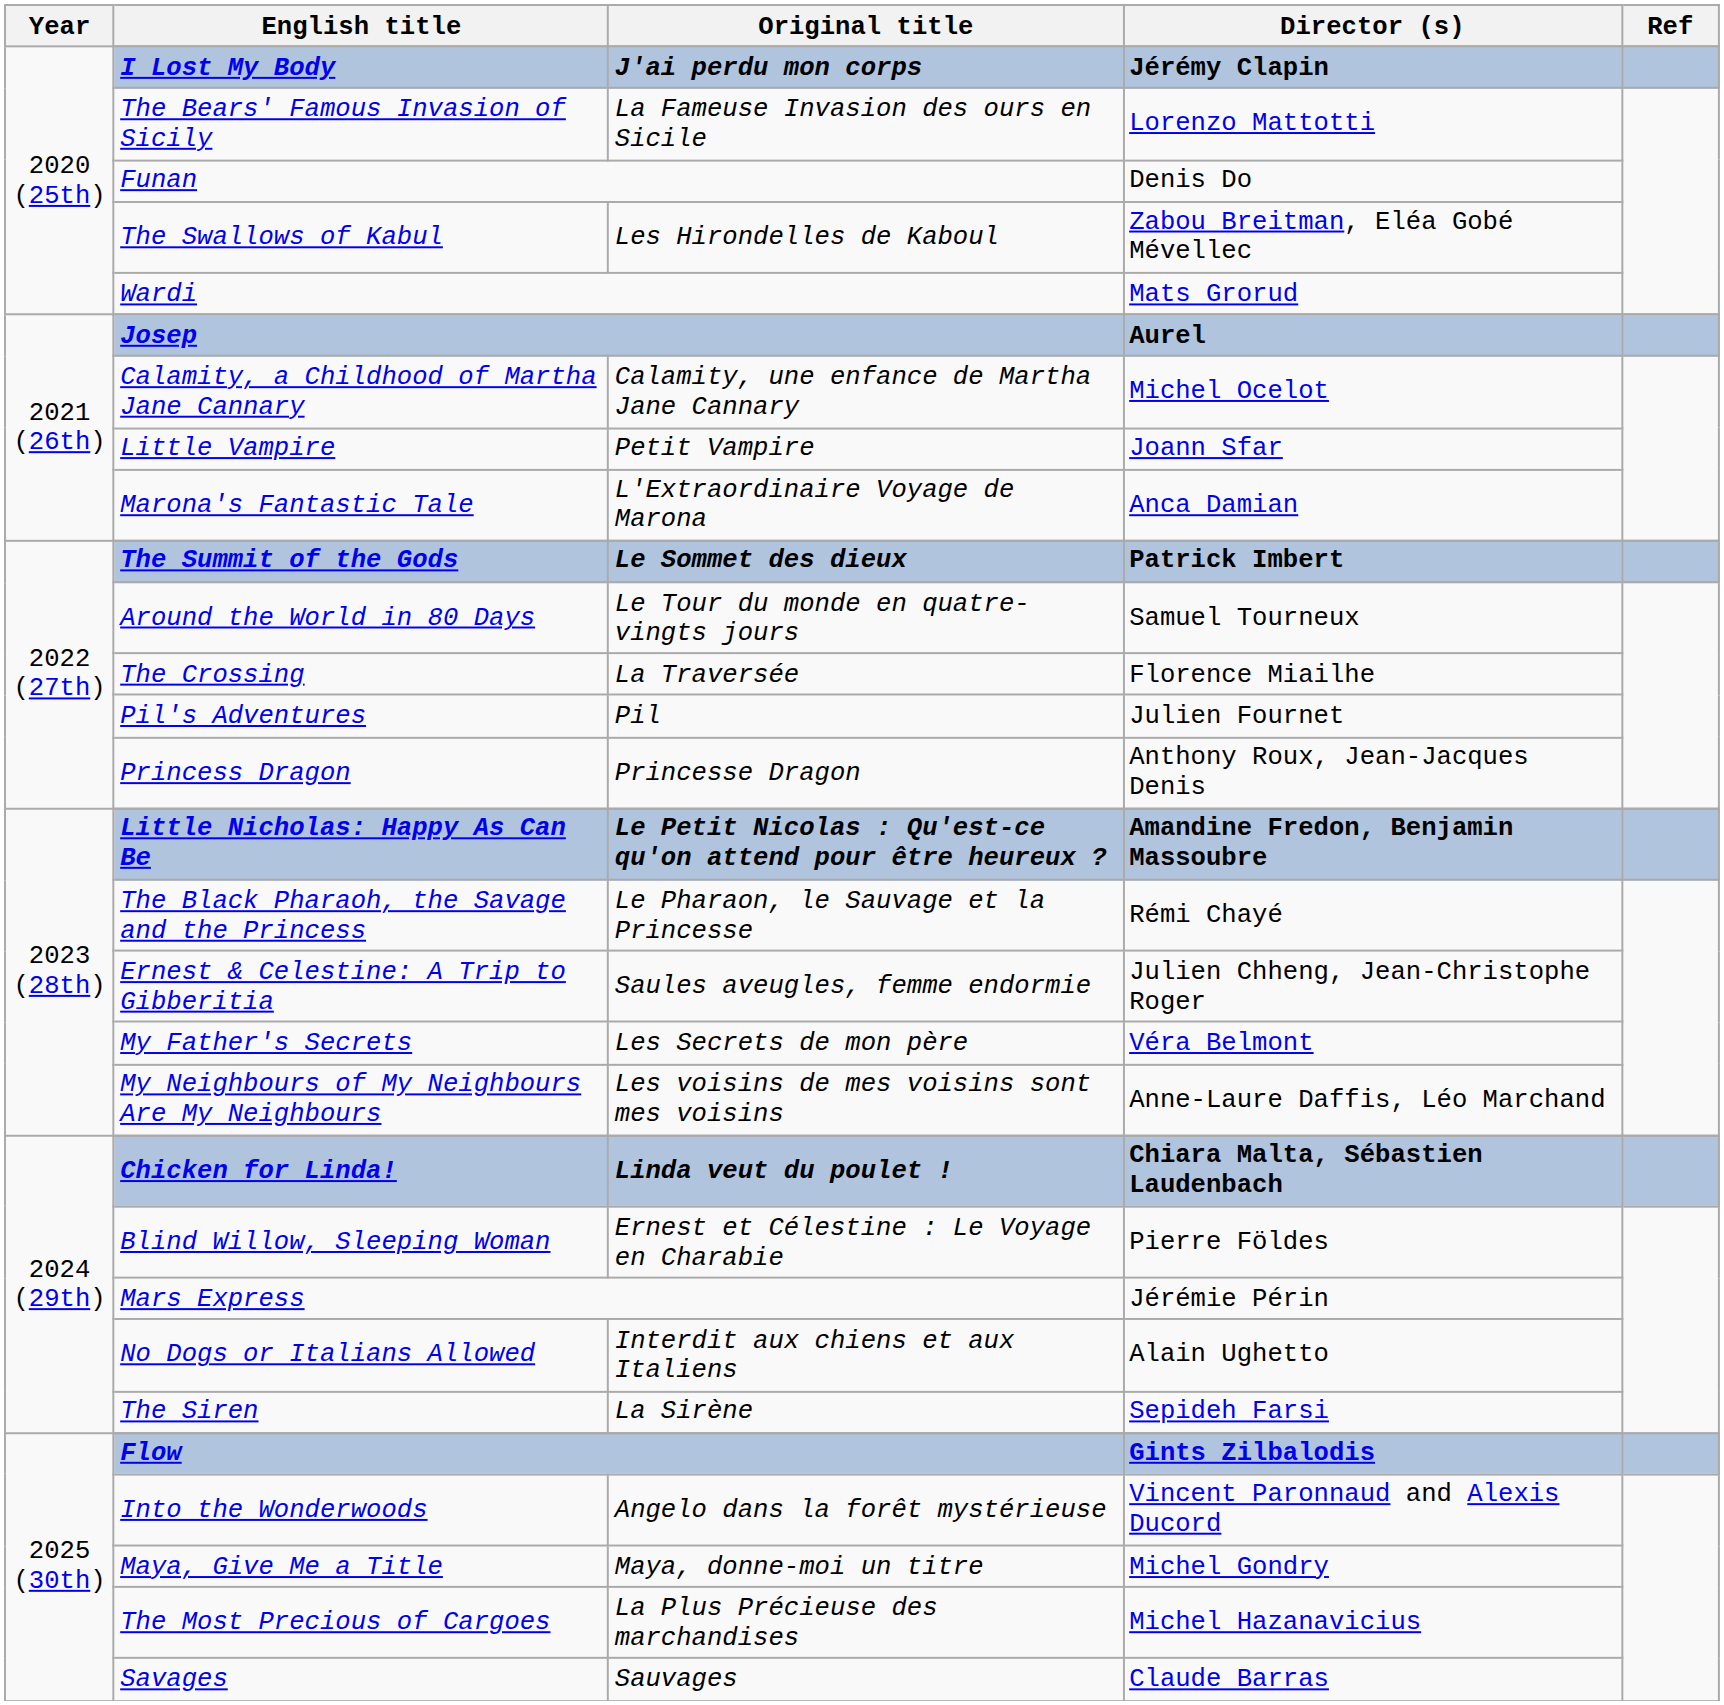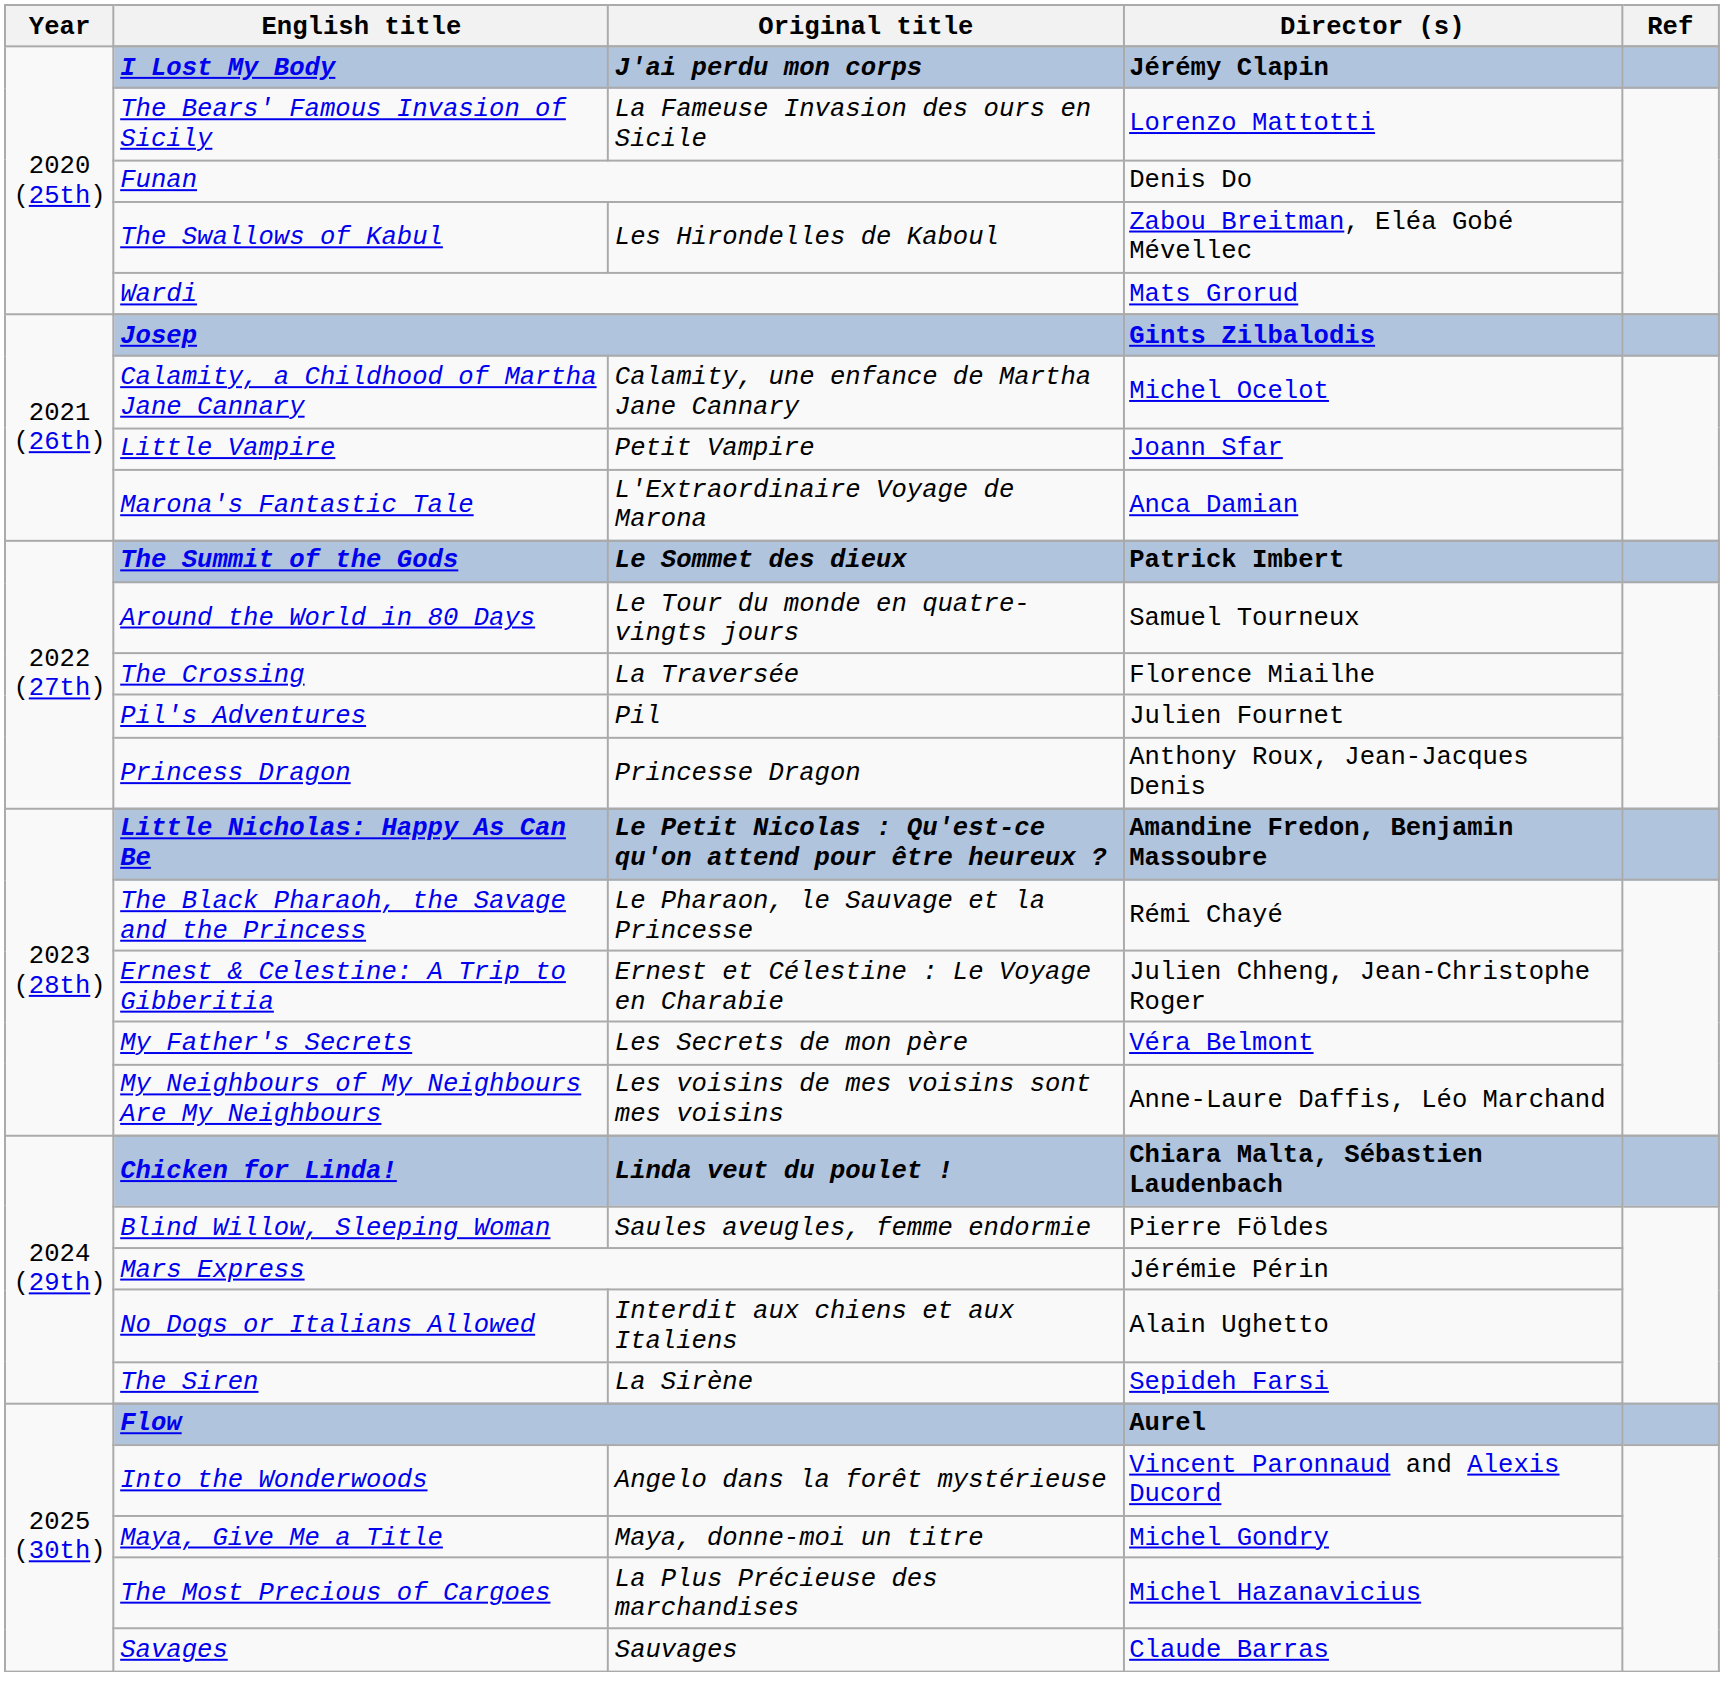 <table class="wikitable">
 <tr>
 <th width="50"><strong>Year</strong></th>
 <th width="300"><strong>English title</strong></th>
 <th width="300"><strong>Original title</strong></th>
 <th width="300"><strong>Director (s)</strong></th>
 <th width="50"><strong>Ref</strong></th>
 </tr>
 <tr>
 <td rowspan="6" style="text-align:center;">2020<br>(<a href='#'>25th</a>)</td>
 </tr>
 <tr style="background:#B0C4DE;">
 <td><strong><em><a href='#'>I Lost My Body</a></em></strong></td>
 <td><strong><em>J'ai perdu mon corps</em></strong></td>
 <td><strong>Jérémy Clapin</strong></td>
 <td></td>
 </tr>
 <tr>
 <td><em><a href='#'>The Bears' Famous Invasion of Sicily</a></em></td>
 <td><em>La Fameuse Invasion des ours en Sicile</em></td>
 <td><a href='#'>Lorenzo Mattotti</a></td>
 <td rowspan=4></td>
 </tr>
 <tr>
 <td colspan=2><em><a href='#'>Funan</a></em></td>
 <td>Denis Do</td>
 </tr>
 <tr>
 <td><em><a href='#'>The Swallows of Kabul</a></em></td>
 <td><em>Les Hirondelles de Kaboul</em></td>
 <td><a href='#'>Zabou Breitman</a>, Eléa Gobé Mévellec</td>
 </tr>
 <tr>
 <td colspan=2><em><a href='#'>Wardi</a></em></td>
 <td><a href='#'>Mats Grorud</a></td>
 </tr>
 <tr>
 <td rowspan="5" style="text-align:center;">2021<br>(<a href='#'>26th</a>)</td>
 </tr>
 <tr style="background:#B0C4DE;">
 <td colspan=2><strong><em><a href='#'>Josep</a></em></strong></td>
-<td><strong>Aurel</strong></td>
+<td><strong><a href='#'>Gints Zilbalodis</a></strong></td>
 <td></td>
 </tr>
 <tr>
 <td><em><a href='#'>Calamity, a Childhood of Martha Jane Cannary</a></em></td>
 <td><em>Calamity, une enfance de Martha Jane Cannary</em></td>
 <td><a href='#'>Michel Ocelot</a></td>
 <td rowspan=3></td>
 </tr>
 <tr>
 <td><em><a href='#'>Little Vampire</a></em></td>
 <td><em>Petit Vampire</em></td>
 <td><a href='#'>Joann Sfar</a></td>
 </tr>
 <tr>
 <td><em><a href='#'>Marona's Fantastic Tale</a></em></td>
 <td><em>L'Extraordinaire Voyage de Marona</em></td>
 <td><a href='#'>Anca Damian</a></td>
 </tr>
 <tr>
 <td rowspan="6" style="text-align:center;">2022<br>(<a href='#'>27th</a>)</td>
 </tr>
 <tr style="background:#B0C4DE;">
 <td><strong><em><a href='#'>The Summit of the Gods</a></em></strong></td>
 <td><strong><em>Le Sommet des dieux</em></strong></td>
 <td><strong>Patrick Imbert</strong></td>
 <td></td>
 </tr>
 <tr>
 <td><em><a href='#'>Around the World in 80 Days</a></em></td>
 <td><em>Le Tour du monde en quatre-vingts jours</em></td>
 <td>Samuel Tourneux</td>
 <td rowspan=4></td>
 </tr>
 <tr>
 <td><em><a href='#'>The Crossing</a></em></td>
 <td><em>La Traversée</em></td>
 <td>Florence Miailhe</td>
 </tr>
 <tr>
 <td><em><a href='#'>Pil's Adventures</a></em></td>
 <td><em>Pil</em></td>
 <td>Julien Fournet</td>
 </tr>
 <tr>
 <td><em><a href='#'>Princess Dragon</a></em></td>
 <td><em>Princesse Dragon</em></td>
 <td>Anthony Roux, Jean-Jacques Denis</td>
 </tr>
 <tr>
 <td rowspan="6" style="text-align:center;">2023<br>(<a href='#'>28th</a>)</td>
 </tr>
 <tr style="background:#B0C4DE;">
 <td><strong><em><a href='#'>Little Nicholas: Happy As Can Be</a></em></strong></td>
 <td><strong><em>Le Petit Nicolas : Qu'est-ce qu'on attend pour être heureux ?</em></strong></td>
 <td><strong>Amandine Fredon, Benjamin Massoubre</strong></td>
 <td></td>
 </tr>
 <tr>
 <td><em><a href='#'>The Black Pharaoh, the Savage and the Princess</a></em></td>
 <td><em>Le Pharaon, le Sauvage et la Princesse</em></td>
 <td>Rémi Chayé</td>
 <td rowspan=4></td>
 </tr>
 <tr>
 <td><em><a href='#'>Ernest & Celestine: A Trip to Gibberitia</a></em></td>
-<td><em>Saules aveugles, femme endormie</em></td>
+<td><em>Ernest et Célestine : Le Voyage en Charabie</em></td>
 <td>Julien Chheng, Jean-Christophe Roger</td>
 </tr>
 <tr>
 <td><em><a href='#'>My Father's Secrets</a></em></td>
 <td><em>Les Secrets de mon père</em></td>
 <td><a href='#'>Véra Belmont</a></td>
 </tr>
 <tr>
 <td><em><a href='#'>My Neighbours of My Neighbours Are My Neighbours</a></em></td>
 <td><em>Les voisins de mes voisins sont mes voisins</em></td>
 <td>Anne-Laure Daffis, Léo Marchand</td>
 </tr>
 <tr>
 <td rowspan="6" style="text-align:center;">2024<br>(<a href='#'>29th</a>)</td>
 </tr>
 <tr style="background:#B0C4DE;">
 <td><strong><em><a href='#'>Chicken for Linda!</a></em></strong></td>
 <td><strong><em>Linda veut du poulet !</em></strong></td>
 <td><strong>Chiara Malta, Sébastien Laudenbach</strong></td>
 <td></td>
 </tr>
 <tr>
 <td><em><a href='#'>Blind Willow, Sleeping Woman</a></em></td>
-<td><em>Ernest et Célestine : Le Voyage en Charabie</em></td>
+<td><em>Saules aveugles, femme endormie</em></td>
 <td>Pierre Földes</td>
 </tr>
 <tr>
 <td colspan=2><em><a href='#'>Mars Express</a></em></td>
 <td>Jérémie Périn</td>
 </tr>
 <tr>
 <td><em><a href='#'>No Dogs or Italians Allowed</a></em></td>
 <td><em>Interdit aux chiens et aux Italiens</em></td>
 <td>Alain Ughetto</td>
 </tr>
 <tr>
 <td><em><a href='#'>The Siren</a></em></td>
 <td><em>La Sirène</em></td>
 <td><a href='#'>Sepideh Farsi</a></td>
 </tr>
 <tr>
 <td rowspan="6" style="text-align:center;">2025<br>(<a href='#'>30th</a>)</td>
 </tr>
 <tr style="background:#B0C4DE;">
 <td colspan=2><strong><em><a href='#'>Flow</a></em></strong></td>
-<td><strong><a href='#'>Gints Zilbalodis</a></strong></td>
+<td><strong>Aurel</strong></td>
 <td></td>
 </tr>
 <tr>
 <td><em><a href='#'>Into the Wonderwoods</a></em></td>
 <td><em>Angelo dans la forêt mystérieuse</em></td>
 <td><a href='#'>Vincent Paronnaud</a> and <a href='#'>Alexis Ducord</a></td>
 <td rowspan="4"></td>
 </tr>
 <tr>
 <td><em><a href='#'>Maya, Give Me a Title</a></em></td>
 <td><em>Maya, donne-moi un titre</em></td>
 <td><a href='#'>Michel Gondry</a></td>
 </tr>
 <tr>
 <td><em><a href='#'>The Most Precious of Cargoes</a></em></td>
 <td><em>La Plus Précieuse des marchandises</em></td>
 <td><a href='#'>Michel Hazanavicius</a></td>
 </tr>
 <tr>
 <td><em><a href='#'>Savages</a></em></td>
 <td><em>Sauvages</em></td>
 <td><a href='#'>Claude Barras</a></td>
 </tr>
 </table>
